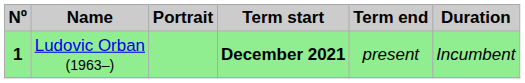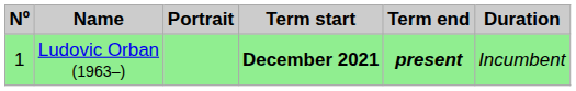 <table class=wikitable style=text-align:center>
 <tr>
 <th style="background:#ccc;">Nº</th>
 <th style="background:#ccc;">Name<br></th>
 <th style="background:#ccc;">Portrait</th>
 <th style="background:#ccc;">Term start</th>
 <th style="background:#ccc;">Term end</th>
 <th style="background:#ccc;">Duration</th>
 </tr>
 <tr style="background:lightgreen">
-<td><strong>1</strong></td>
+<td>1</td>
 <td><a href='#'>Ludovic Orban</a><br><small>(1963–)</small></td>
 <td></td>
 <td><strong>December 2021</strong></td>
-<td><em>present</em></td>
+<td><strong><em>present</em></strong></td>
 <td><em>Incumbent</em></td>
 </tr>
 <tr>
 </tr>
 </table>
